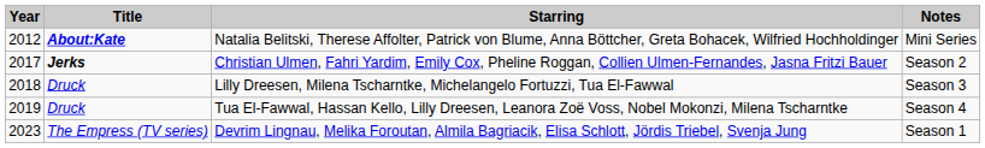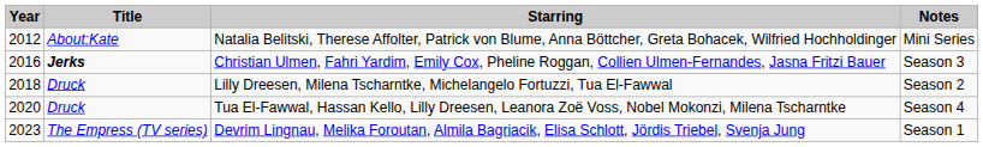 <table class="wikitable">
 <tr>
 <th style="background: #CCCCCC;">Year</th>
 <th style="background: #CCCCCC;">Title</th>
 <th style="background: #CCCCCC;">Starring</th>
 <th style="background: #CCCCCC;">Notes</th>
 </tr>
 <tr>
 <td>2012</td>
-<td><strong><em><a href='#'>About:Kate</a></em></strong></td>
+<td><em><a href='#'>About:Kate</a></em></td>
 <td>Natalia Belitski, Therese Affolter, Patrick von Blume, Anna Böttcher, Greta Bohacek, Wilfried Hochholdinger</td>
 <td>Mini Series</td>
 </tr>
 <tr>
-<td>2017</td>
+<td>2016</td>
 <td><strong><em>Jerks</em></strong></td>
 <td><a href='#'>Christian Ulmen</a>, <a href='#'>Fahri Yardim</a>, <a href='#'>Emily Cox</a>, Pheline Roggan, <a href='#'>Collien Ulmen-Fernandes</a>, <a href='#'>Jasna Fritzi Bauer</a></td>
-<td>Season 2</td>
+<td>Season 3</td>
 </tr>
 <tr>
 <td>2018</td>
 <td><em><a href='#'>Druck</a></em></td>
 <td>Lilly Dreesen, Milena Tscharntke, Michelangelo Fortuzzi, Tua El-Fawwal</td>
-<td>Season 3</td>
+<td>Season 2</td>
 </tr>
 <tr>
-<td>2019</td>
+<td>2020</td>
 <td><em><a href='#'>Druck</a></em></td>
 <td>Tua El-Fawwal, Hassan Kello, Lilly Dreesen, Leanora Zoë Voss, Nobel Mokonzi, Milena Tscharntke</td>
 <td>Season 4</td>
 </tr>
 <tr>
 <td>2023</td>
 <td><em><a href='#'>The Empress (TV series)</a></em></td>
 <td><a href='#'>Devrim Lingnau</a>, <a href='#'>Melika Foroutan</a>, <a href='#'>Almila Bagriacik</a>, <a href='#'>Elisa Schlott</a>, <a href='#'>Jördis Triebel</a>, <a href='#'>Svenja Jung</a></td>
 <td>Season 1</td>
 </tr>
 </table>
